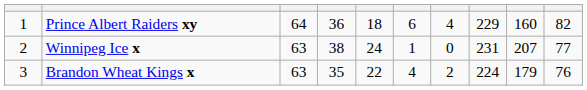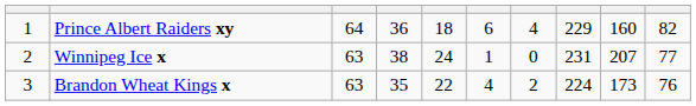 <table class="wikitable sortable">
 <tr>
 <th style="width:2em"></th>
 <th style="width:15em;" class="unsortable"></th>
 <th style="width:2em;"></th>
 <th style="width:2em;"></th>
 <th style="width:2em;"></th>
 <th style="width:2em;"></th>
 <th style="width:2em;"></th>
 <th style="width:2em;"></th>
 <th style="width:2em;"></th>
 <th style="width:2em;"></th>
 </tr>
 <tr style="font-weight: ; text-align: center;">
 <td>1</td>
 <td style="text-align:left;"><a href='#'>Prince Albert Raiders</a> <strong>xy</strong></td>
 <td>64</td>
 <td>36</td>
 <td>18</td>
 <td>6</td>
 <td>4</td>
 <td>229</td>
 <td>160</td>
 <td>82</td>
 </tr>
 <tr style="font-weight: ; text-align: center;">
 <td>2</td>
 <td style="text-align:left;"><a href='#'>Winnipeg Ice</a> <strong>x</strong></td>
 <td>63</td>
 <td>38</td>
 <td>24</td>
 <td>1</td>
 <td>0</td>
 <td>231</td>
 <td>207</td>
 <td>77</td>
 </tr>
 <tr style="font-weight: ; text-align: center;">
 <td>3</td>
 <td style="text-align:left;"><a href='#'>Brandon Wheat Kings</a> <strong>x</strong></td>
 <td>63</td>
 <td>35</td>
 <td>22</td>
 <td>4</td>
 <td>2</td>
 <td>224</td>
-<td>179</td>
+<td>173</td>
 <td>76</td>
 </tr>
 </table>
